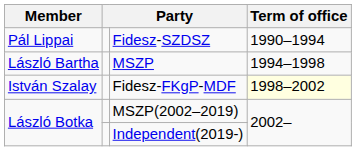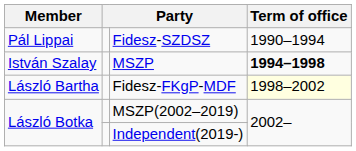 <table class=wikitable>
 <tr>
 <th>Member</th>
 <th colspan=2>Party</th>
 <th>Term of office</th>
 </tr>
 <tr>
 <td><a href='#'>Pál Lippai</a></td>
 <td style="background-color:"></td>
 <td><a href='#'>Fidesz</a>-<a href='#'>SZDSZ</a></td>
 <td>1990–1994</td>
 </tr>
 <tr>
-<td><a href='#'>László Bartha</a></td>
+<td><a href='#'>István Szalay</a></td>
 <td style="background-color:"></td>
 <td><a href='#'>MSZP</a></td>
-<td>1994–1998</td>
+<td><strong>1994–1998</strong></td>
 </tr>
 <tr>
-<td><a href='#'>István Szalay</a></td>
+<td><a href='#'>László Bartha</a></td>
 <td style="background-color:"></td>
 <td>Fidesz-<a href='#'>FKgP</a>-<a href='#'>MDF</a></td>
 <td style="background: lightyellow;">1998–2002</td>
 </tr>
 <tr>
 <td rowspan=2><a href='#'>László Botka</a></td>
 <td style="background-color:"></td>
 <td>MSZP(2002–2019)</td>
 <td rowspan=2>2002–</td>
 </tr>
 <tr>
 <td style="background-color:"></td>
 <td><a href='#'>Independent</a>(2019-)</td>
 </tr>
 </table>
